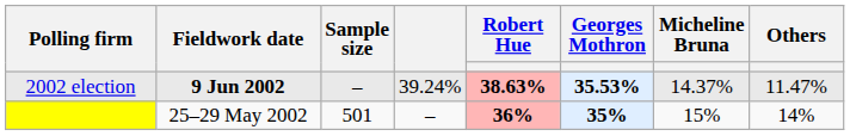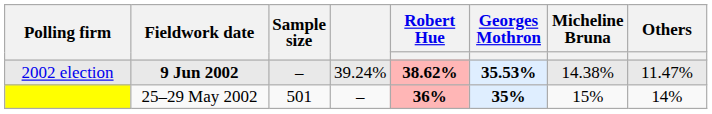 <table class="wikitable sortable" style="text-align:center;font-size:90%;line-height:14px;">
 <tr style="height:40px;">
 <th style="width:100px;" rowspan="2">Polling firm</th>
 <th style="width:110px;" rowspan="2">Fieldwork date</th>
 <th style="width:35px;" rowspan="2">Sample<br>size</th>
 <th style="width:30px;" rowspan="2"></th>
 <th class="unsortable" style="width:60px;"><a href='#'>Robert Hue</a><br></th>
 <th class="unsortable" style="width:60px;"><a href='#'>Georges Mothron</a><br></th>
 <th class="unsortable" style="width:60px;">Micheline Bruna<br></th>
 <th class="unsortable" style="width:60px;">Others</th>
 </tr>
 <tr>
 <th style="background:"></th>
 <th style="background:"></th>
 <th style="background:"></th>
 <th style="background:"></th>
 </tr>
 <tr style="background:#E9E9E9;">
 <td><a href='#'>2002 election</a></td>
 <td data-sort-value="2002-06-09"><strong>9 Jun 2002</strong></td>
 <td>–</td>
 <td>39.24%</td>
-<td style="background:#FFB6B6;"><strong>38.63%</strong></td>
+<td style="background:#FFB6B6;"><strong>38.62%</strong></td>
 <td style="background:#DFEEFF;"><strong>35.53%</strong></td>
-<td>14.37%</td>
+<td>14.38%</td>
 <td>11.47%</td>
 </tr>
 <tr>
 <td style="background:yellow;"></td>
 <td data-sort-value="2002-05-29">25–29 May 2002</td>
 <td>501</td>
 <td>–</td>
 <td style="background:#FFB6B6;"><strong>36%</strong></td>
 <td style="background:#DFEEFF;"><strong>35%</strong></td>
 <td>15%</td>
 <td>14%</td>
 </tr>
 </table>
